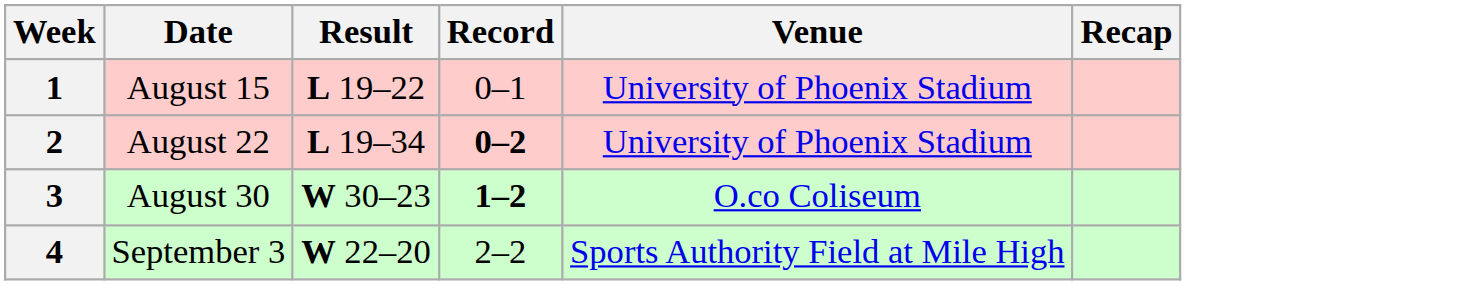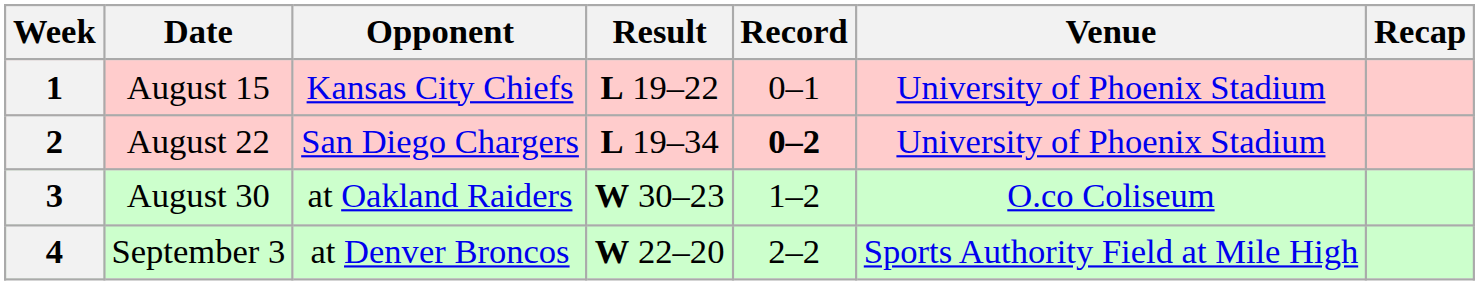 <table class="wikitable" style="text-align:center">
 <tr>
 <th>Week</th>
 <th>Date</th>
+<th>Opponent</th>
 <th>Result</th>
 <th>Record</th>
 <th>Venue</th>
 <th>Recap</th>
 </tr>
 <tr style="background:#fcc">
 <th>1</th>
 <td>August 15</td>
+<td><a href='#'>Kansas City Chiefs</a></td>
 <td><strong>L</strong> 19–22</td>
 <td>0–1</td>
 <td><a href='#'>University of Phoenix Stadium</a></td>
 <td></td>
 </tr>
 <tr style="background:#fcc">
 <th>2</th>
 <td>August 22</td>
+<td><a href='#'>San Diego Chargers</a></td>
 <td><strong>L</strong> 19–34</td>
 <td><strong>0–2</strong></td>
 <td><a href='#'>University of Phoenix Stadium</a></td>
 <td></td>
 </tr>
 <tr style="background:#cfc">
 <th>3</th>
 <td>August 30</td>
+<td>at <a href='#'>Oakland Raiders</a></td>
 <td><strong>W</strong> 30–23</td>
-<td><strong>1–2</strong></td>
+<td>1–2</td>
 <td><a href='#'>O.co Coliseum</a></td>
 <td></td>
 </tr>
 <tr style="background:#cfc">
 <th>4</th>
 <td>September 3</td>
+<td>at <a href='#'>Denver Broncos</a></td>
 <td><strong>W</strong> 22–20</td>
 <td>2–2</td>
 <td><a href='#'>Sports Authority Field at Mile High</a></td>
 <td></td>
 </tr>
 </table>
